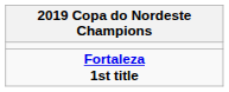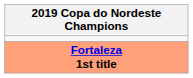 <table class="wikitable" style="text-align: center; margin: 0 auto; width: 20%">
 <tr>
 <th>2019 Copa do Nordeste<br>Champions</th>
 </tr>
 <tr>
 <td></td>
 </tr>
 <tr>
-<td><strong><a href='#'>Fortaleza</a></strong><br><strong>1st title</strong></td>
+<td style="background: lightsalmon;"><strong><a href='#'>Fortaleza</a></strong><br><strong>1st title</strong></td>
 </tr>
 </table>
